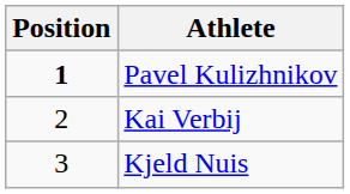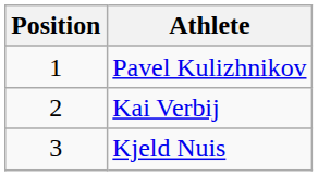 <table class="wikitable">
 <tr>
 <th>Position</th>
 <th>Athlete</th>
 </tr>
 <tr align="center">
-<td><strong>1</strong></td>
+<td>1</td>
 <td align="left"> <a href='#'>Pavel Kulizhnikov</a></td>
 </tr>
 <tr align="center">
 <td>2</td>
 <td align="left"> <a href='#'>Kai Verbij</a></td>
 </tr>
 <tr align="center">
 <td>3</td>
 <td align="left"> <a href='#'>Kjeld Nuis</a></td>
 </tr>
 </table>
